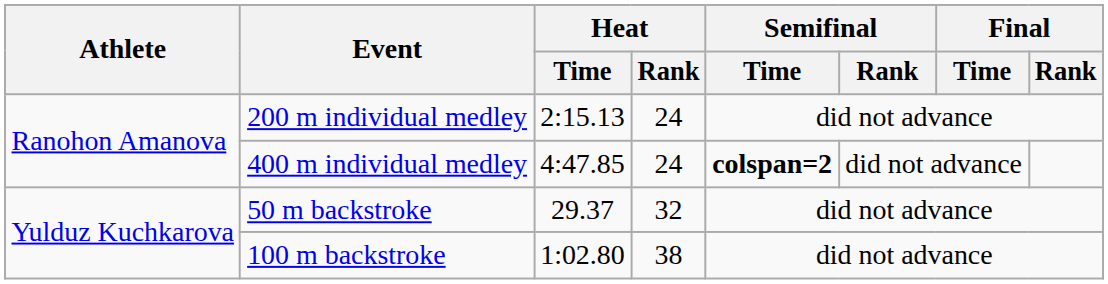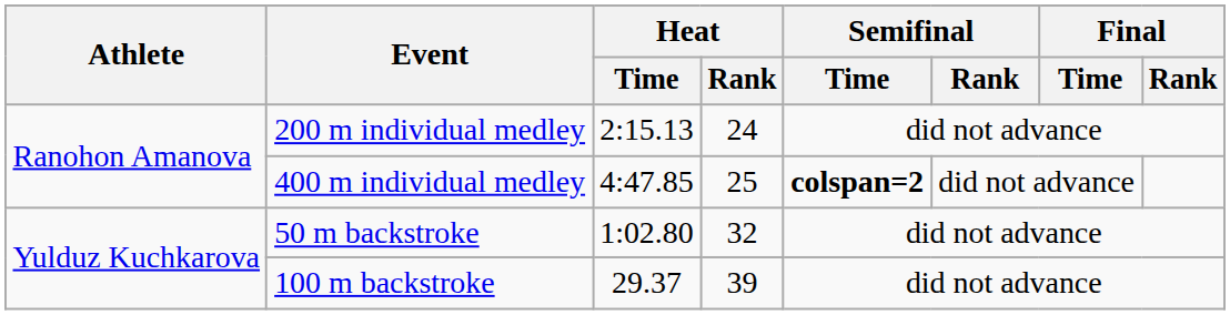 <table class=wikitable style="font-size:90%">
 <tr>
 <th rowspan="2">Athlete</th>
 <th rowspan="2">Event</th>
 <th colspan="2">Heat</th>
 <th colspan="2">Semifinal</th>
 <th colspan="2">Final</th>
 </tr>
 <tr style="font-size:95%">
 <th>Time</th>
 <th>Rank</th>
 <th>Time</th>
 <th>Rank</th>
 <th>Time</th>
 <th>Rank</th>
 </tr>
 <tr align=center>
 <td align=left rowspan=2><a href='#'>Ranohon Amanova</a></td>
 <td align=left><a href='#'>200 m individual medley</a></td>
 <td>2:15.13</td>
 <td>24</td>
 <td colspan=4>did not advance</td>
 </tr>
 <tr align=center>
 <td align=left><a href='#'>400 m individual medley</a></td>
 <td>4:47.85</td>
-<td>24</td>
+<td>25</td>
 <td><strong>colspan=2 </strong></td>
 <td colspan=2>did not advance</td>
 </tr>
 <tr align=center>
 <td align=left rowspan=2><a href='#'>Yulduz Kuchkarova</a></td>
 <td align=left><a href='#'>50 m backstroke</a></td>
-<td>29.37</td>
+<td>1:02.80</td>
 <td>32</td>
 <td colspan=4>did not advance</td>
 </tr>
 <tr align=center>
 <td align=left><a href='#'>100 m backstroke</a></td>
-<td>1:02.80</td>
-<td>38</td>
+<td>29.37</td>
+<td>39</td>
 <td colspan=4>did not advance</td>
 </tr>
 </table>
